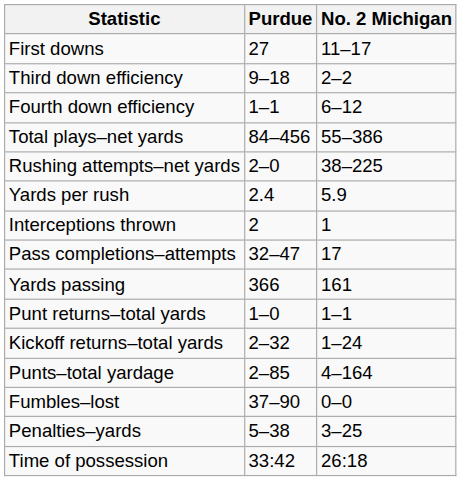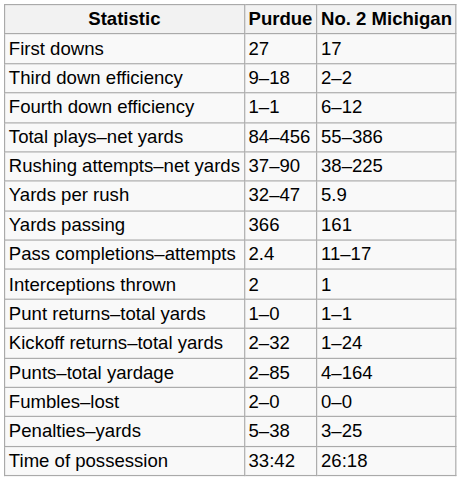 <table class="wikitable">
 <tr>
 <th>Statistic</th>
 <th><strong>Purdue</strong></th>
 <th><strong>No. 2 Michigan</strong></th>
 </tr>
 <tr>
 <td>First downs</td>
 <td>27</td>
-<td>11–17</td>
+<td>17</td>
 </tr>
 <tr>
 <td>Third down efficiency</td>
 <td>9–18</td>
 <td>2–2</td>
 </tr>
 <tr>
 <td>Fourth down efficiency</td>
 <td>1–1</td>
 <td>6–12</td>
 </tr>
 <tr>
 <td>Total plays–net yards</td>
 <td>84–456</td>
 <td>55–386</td>
 </tr>
 <tr>
 <td>Rushing attempts–net yards</td>
-<td>2–0</td>
+<td>37–90</td>
 <td>38–225</td>
 </tr>
 <tr>
 <td>Yards per rush</td>
+<td>32–47</td>
+<td>5.9</td>
+</tr>
+<tr>
+<td>Yards passing</td>
+<td>366</td>
+<td>161</td>
+</tr>
+<tr>
+<td>Pass completions–attempts</td>
 <td>2.4</td>
-<td>5.9</td>
+<td>11–17</td>
 </tr>
 <tr>
 <td>Interceptions thrown</td>
 <td>2</td>
 <td>1</td>
-</tr>
-<tr>
-<td>Pass completions–attempts</td>
-<td>32–47</td>
-<td>17</td>
-</tr>
-<tr>
-<td>Yards passing</td>
-<td>366</td>
-<td>161</td>
 </tr>
 <tr>
 <td>Punt returns–total yards</td>
 <td>1–0</td>
 <td>1–1</td>
 </tr>
 <tr>
 <td>Kickoff returns–total yards</td>
 <td>2–32</td>
 <td>1–24</td>
 </tr>
 <tr>
 <td>Punts–total yardage</td>
 <td>2–85</td>
 <td>4–164</td>
 </tr>
 <tr>
 <td>Fumbles–lost</td>
-<td>37–90</td>
+<td>2–0</td>
 <td>0–0</td>
 </tr>
 <tr>
 <td>Penalties–yards</td>
 <td>5–38</td>
 <td>3–25</td>
 </tr>
 <tr>
 <td>Time of possession</td>
 <td>33:42</td>
 <td>26:18</td>
 </tr>
 </table>
